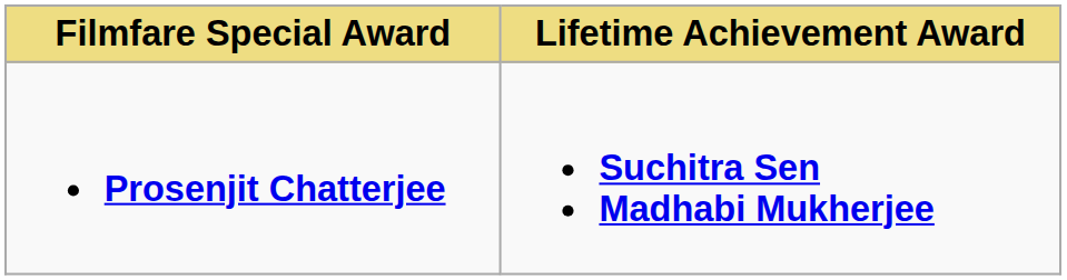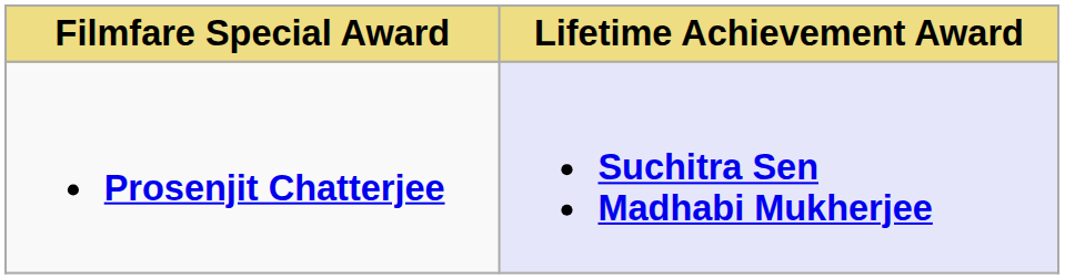 <table class="wikitable" width="75%" |>
 <tr>
 <th ! style="background:#eedd82; text-align:center;">Filmfare Special Award</th>
 <th ! style="background:#eedd82; text-align:center;">Lifetime Achievement Award</th>
 </tr>
 <tr>
 <td><br><ul><li><strong><a href='#'>Prosenjit Chatterjee</a></strong></li></ul></td>
-<td><br><ul><li><strong><a href='#'>Suchitra Sen</a></strong></li><li><strong><a href='#'>Madhabi Mukherjee</a></strong></li></ul></td>
+<td style="background: lavender;"><br><ul><li><strong><a href='#'>Suchitra Sen</a></strong></li><li><strong><a href='#'>Madhabi Mukherjee</a></strong></li></ul></td>
 </tr>
 </table>
